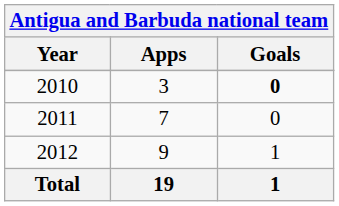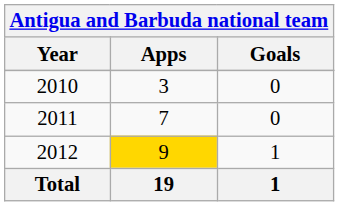 <table class="wikitable" style="text-align:center">
 <tr>
 <th colspan=3><a href='#'>Antigua and Barbuda national team</a></th>
 </tr>
 <tr>
 <th>Year</th>
 <th>Apps</th>
 <th>Goals</th>
 </tr>
 <tr>
 </tr>
 <tr>
 <td>2010</td>
 <td>3</td>
-<td><strong>0</strong></td>
+<td>0</td>
 </tr>
 <tr>
 <td>2011</td>
 <td>7</td>
 <td>0</td>
 </tr>
 <tr>
 <td>2012</td>
-<td>9</td>
+<td style="background: gold;">9</td>
 <td>1</td>
 </tr>
 <tr>
 <th>Total</th>
 <th>19</th>
 <th>1</th>
 </tr>
 </table>
